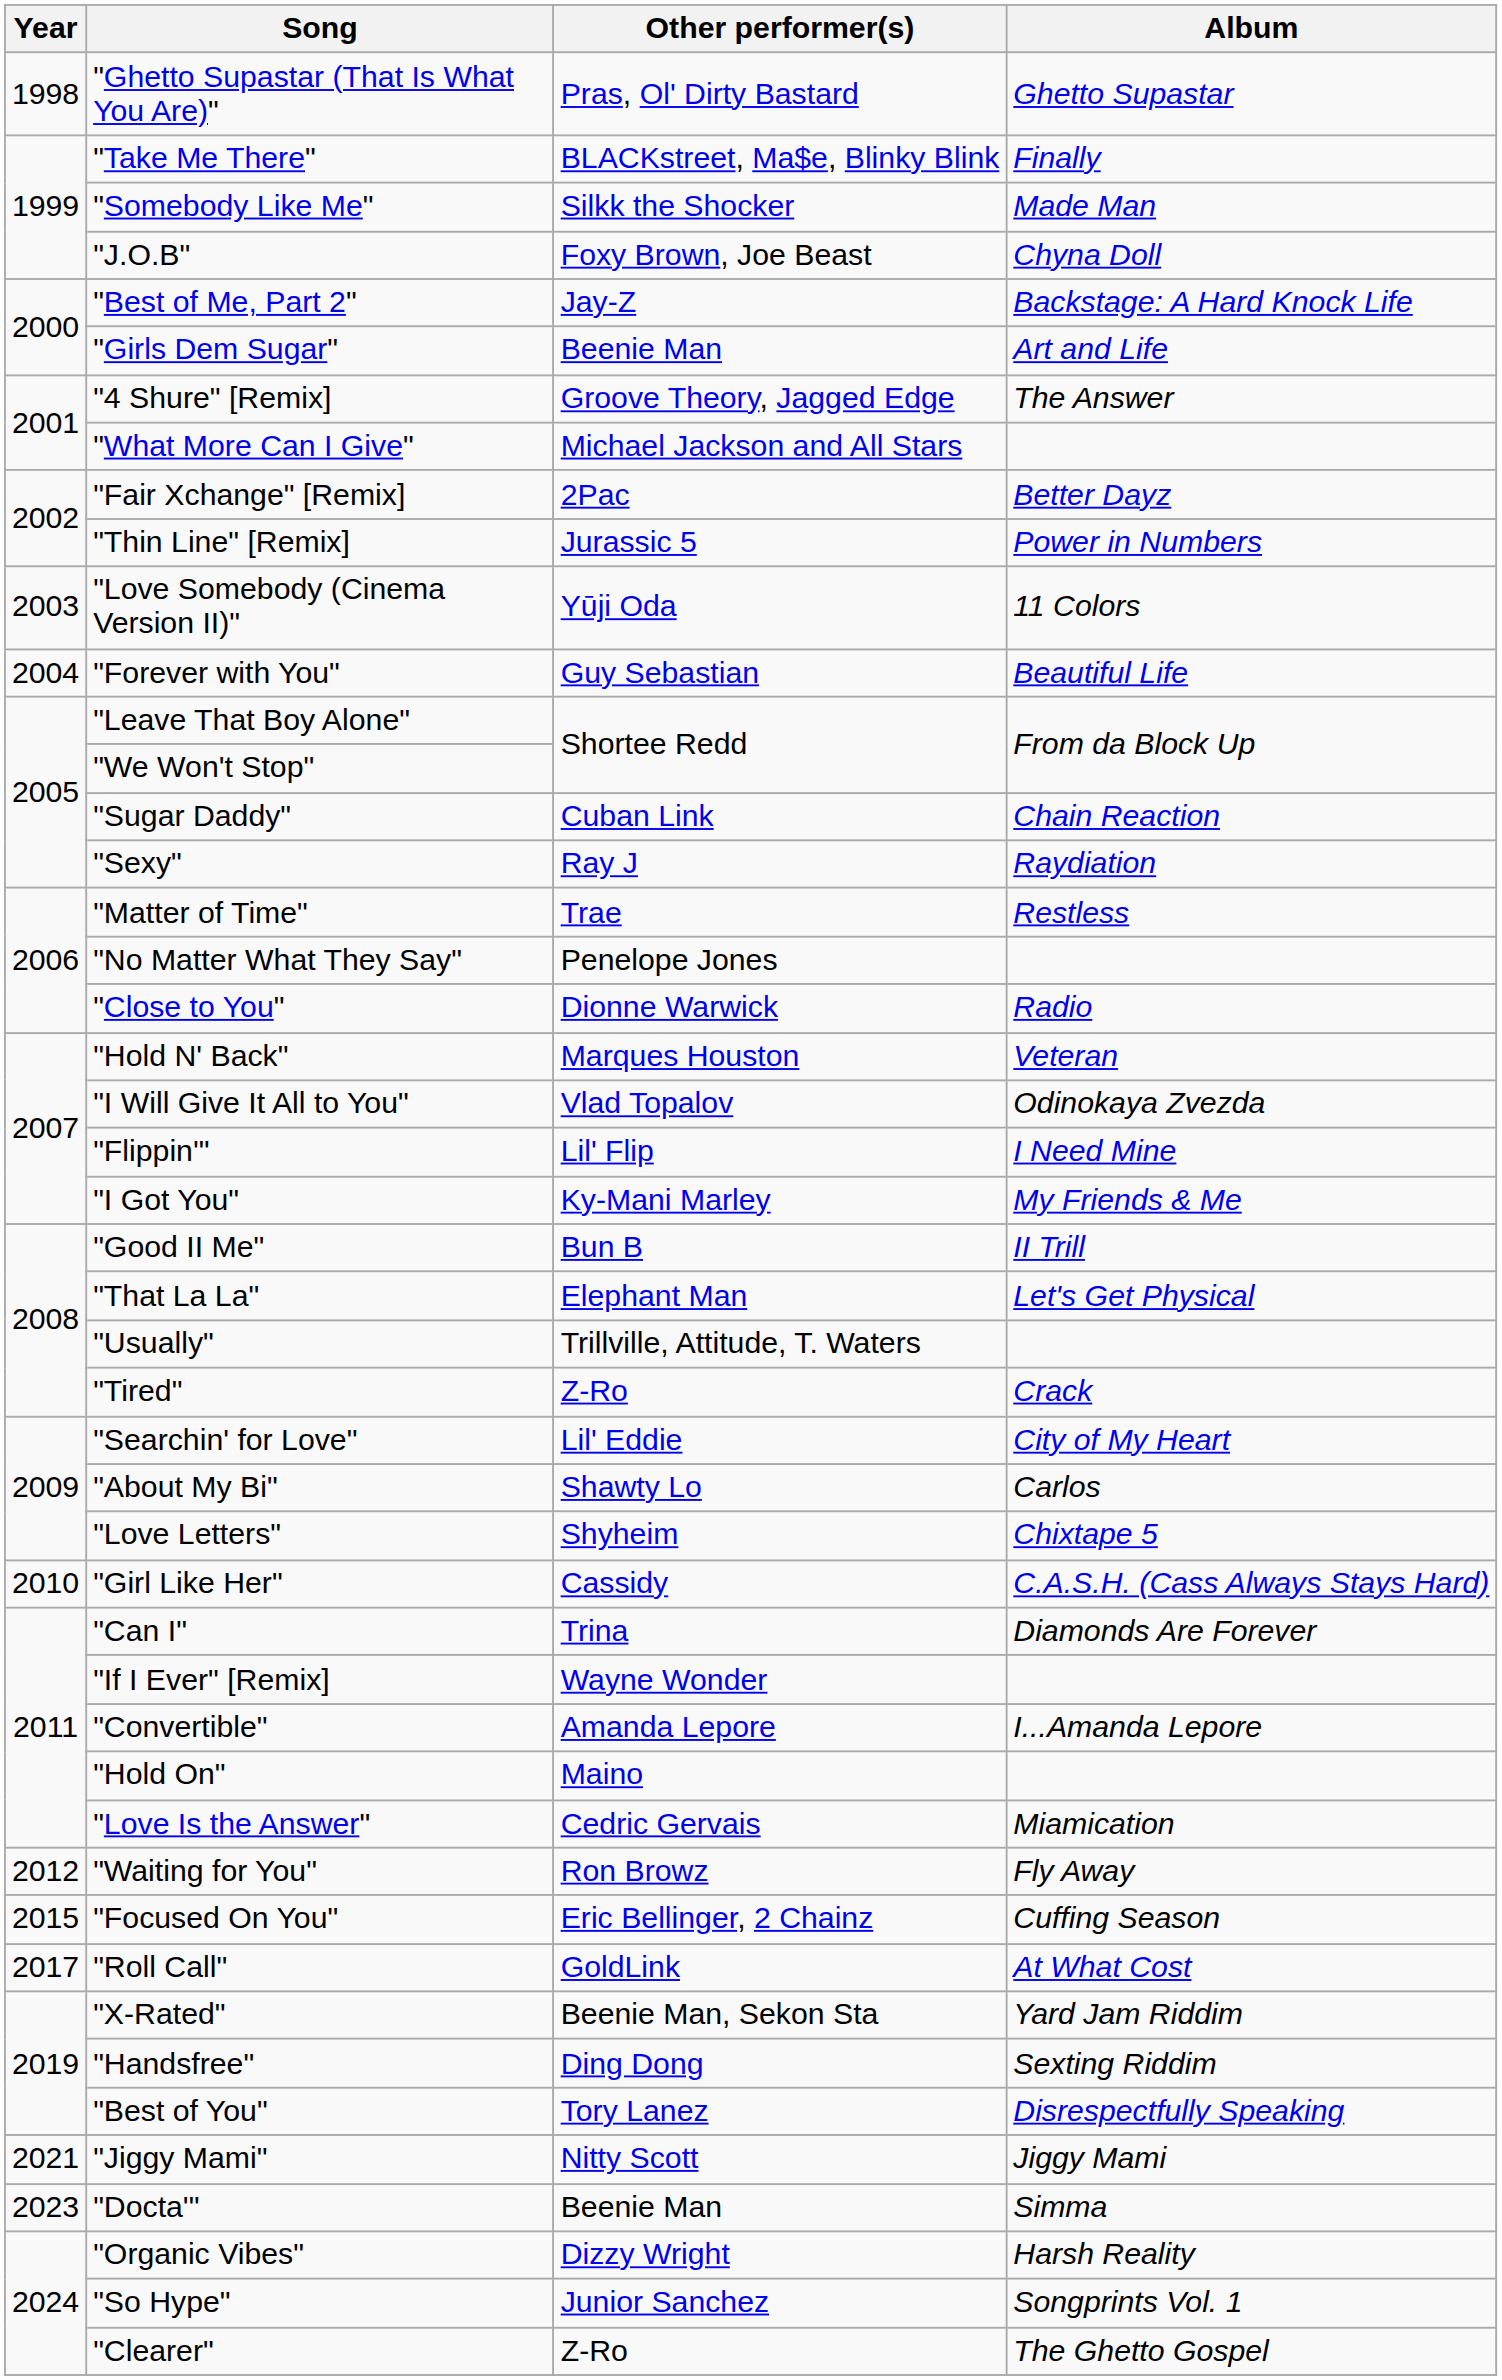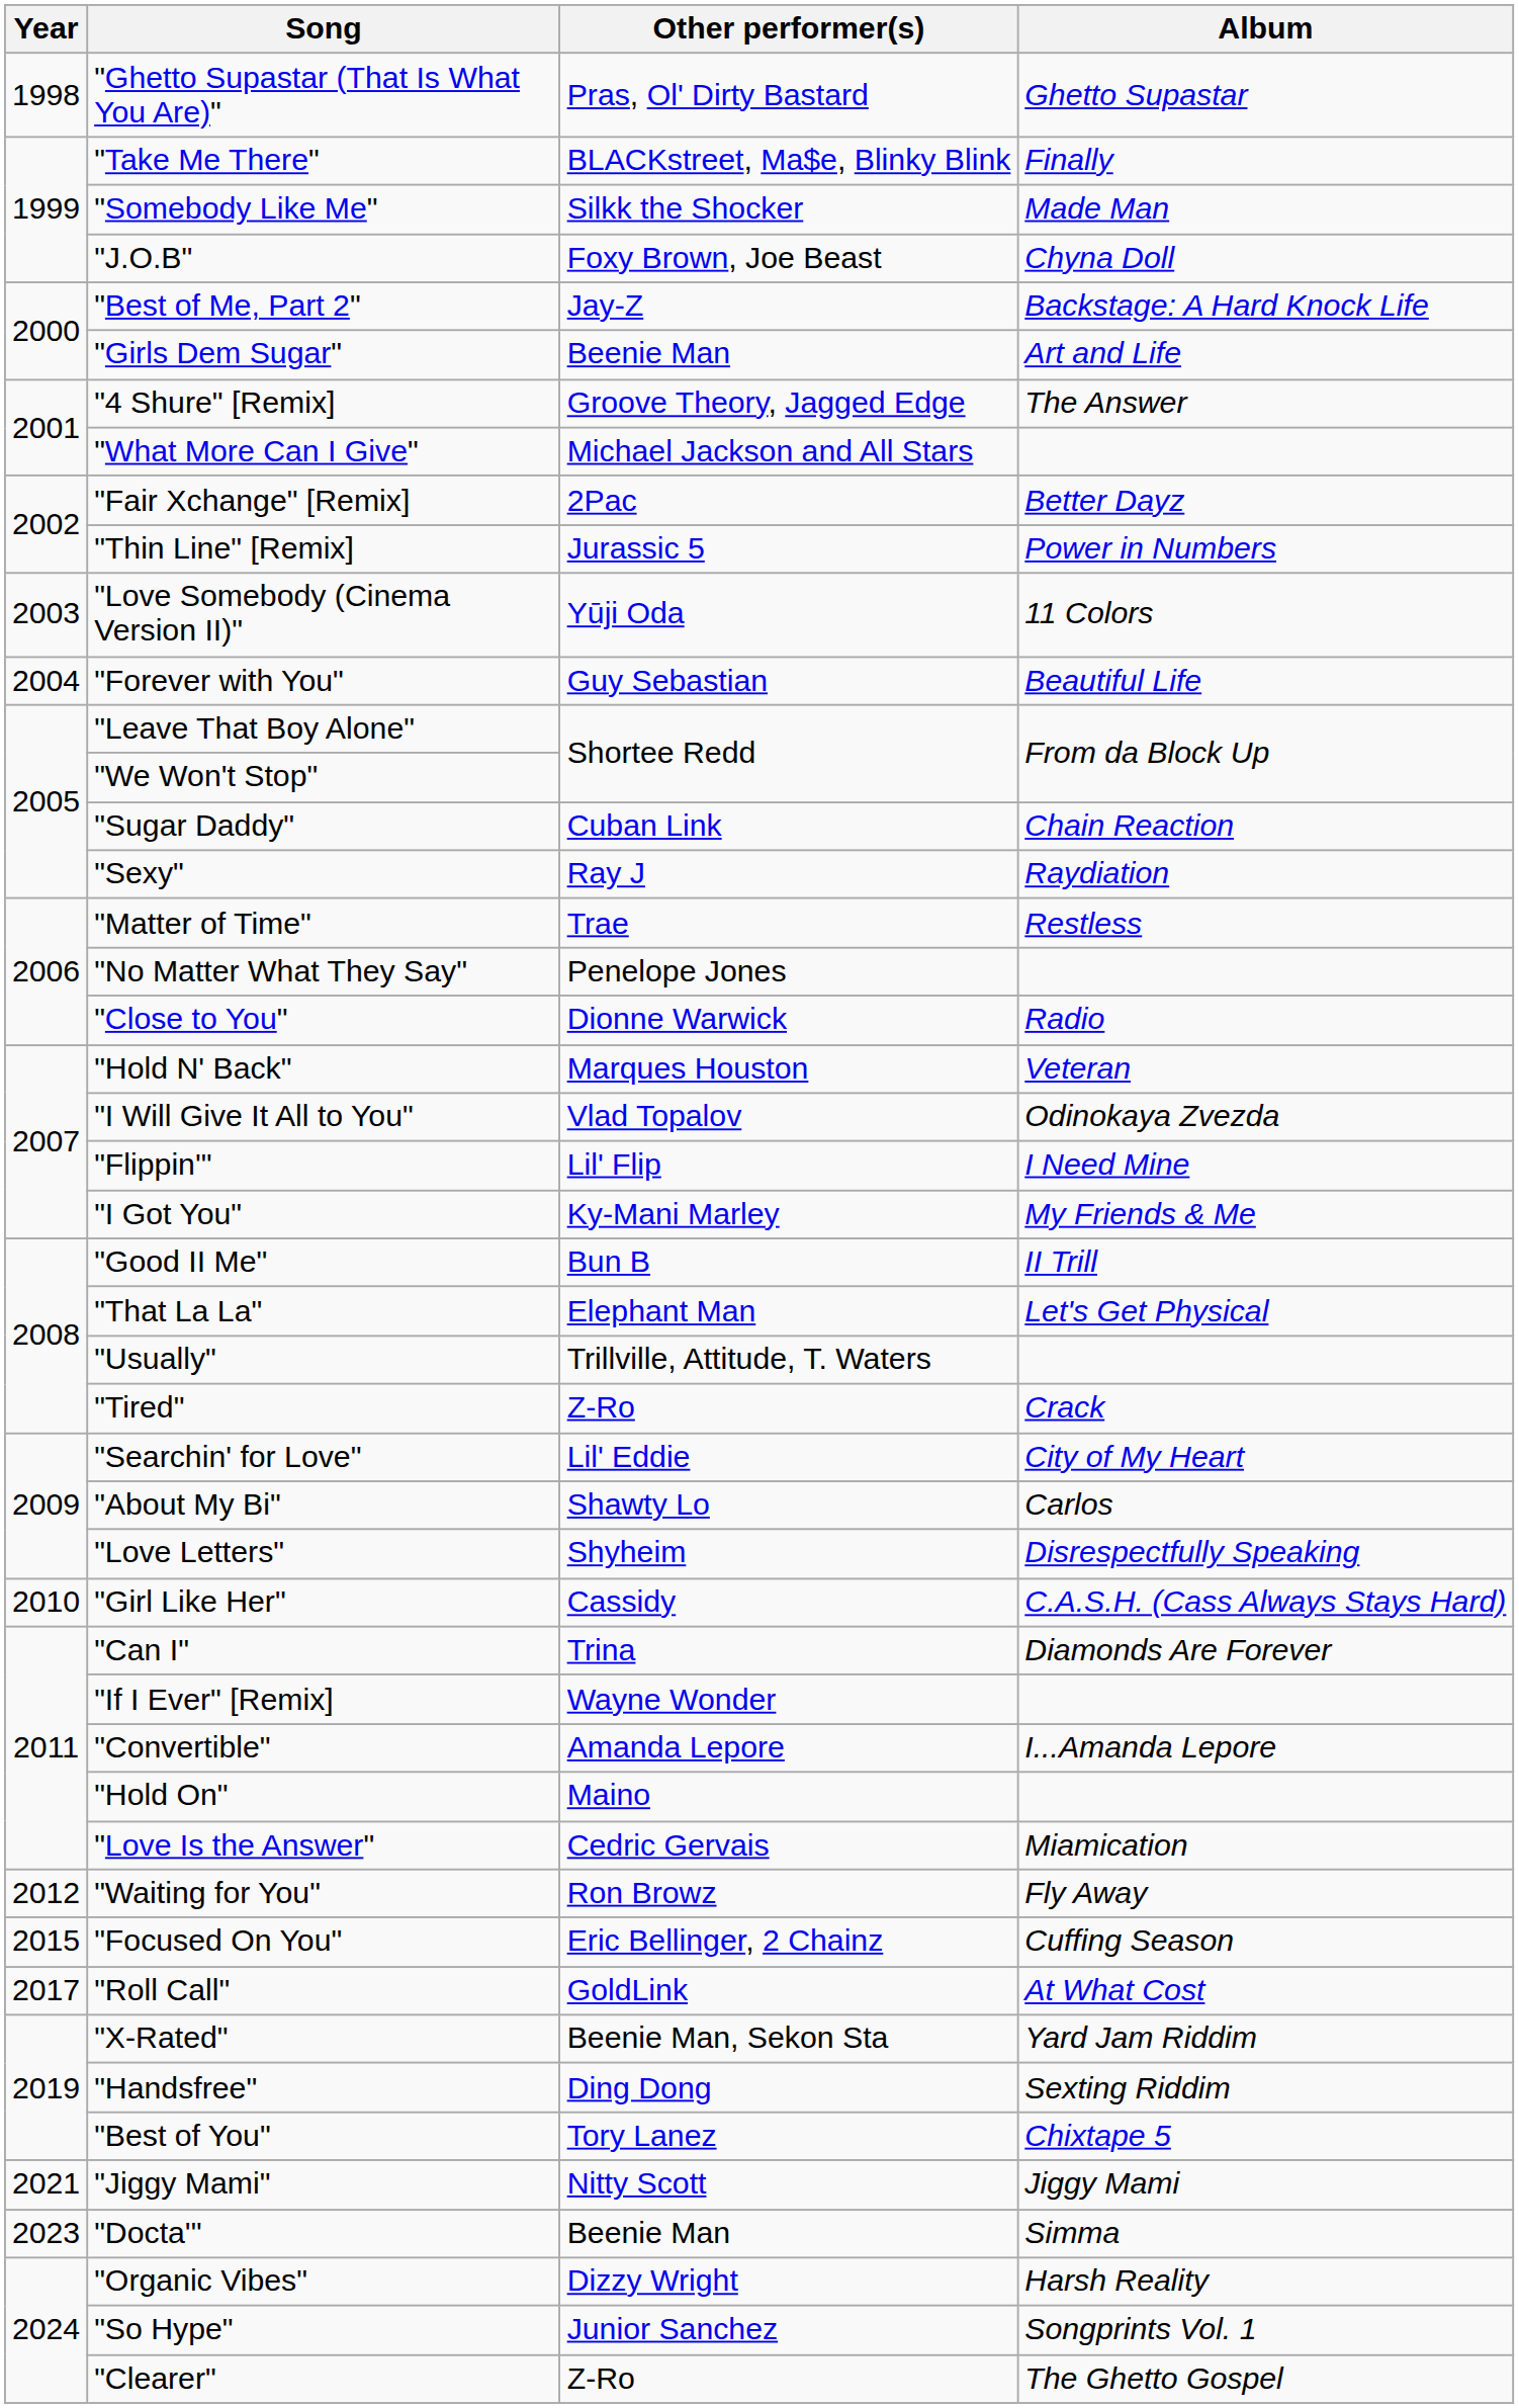 <table class="wikitable sortable">
 <tr>
 <th>Year</th>
 <th width="240">Song</th>
 <th>Other performer(s)</th>
 <th>Album</th>
 </tr>
 <tr>
 <td align="center">1998</td>
 <td>"<a href='#'>Ghetto Supastar (That Is What You Are)</a>"</td>
 <td><a href='#'>Pras</a>, <a href='#'>Ol' Dirty Bastard</a></td>
 <td><em><a href='#'>Ghetto Supastar</a></em></td>
 </tr>
 <tr>
 <td rowspan="3" align="center">1999</td>
 <td>"<a href='#'>Take Me There</a>"</td>
 <td><a href='#'>BLACKstreet</a>, <a href='#'>Ma$e</a>, <a href='#'>Blinky Blink</a></td>
 <td><em><a href='#'>Finally</a></em></td>
 </tr>
 <tr>
 <td>"<a href='#'>Somebody Like Me</a>"</td>
 <td><a href='#'>Silkk the Shocker</a></td>
 <td><em><a href='#'>Made Man</a></em></td>
 </tr>
 <tr>
 <td>"J.O.B"</td>
 <td><a href='#'>Foxy Brown</a>, Joe Beast</td>
 <td><em><a href='#'>Chyna Doll</a></em></td>
 </tr>
 <tr>
 <td rowspan="2" align="center">2000</td>
 <td>"<a href='#'>Best of Me, Part 2</a>"</td>
 <td><a href='#'>Jay-Z</a></td>
 <td><em><a href='#'>Backstage: A Hard Knock Life</a></em></td>
 </tr>
 <tr>
 <td>"<a href='#'>Girls Dem Sugar</a>"</td>
 <td><a href='#'>Beenie Man</a></td>
 <td><em><a href='#'>Art and Life</a></em></td>
 </tr>
 <tr>
 <td rowspan="2" align="center">2001</td>
 <td>"4 Shure" [Remix]</td>
 <td><a href='#'>Groove Theory</a>, <a href='#'>Jagged Edge</a></td>
 <td><em>The Answer</em></td>
 </tr>
 <tr>
 <td>"<a href='#'>What More Can I Give</a>"</td>
 <td><a href='#'>Michael Jackson and All Stars</a></td>
 <td></td>
 </tr>
 <tr>
 <td rowspan="2" align="center">2002</td>
 <td>"Fair Xchange" [Remix]</td>
 <td><a href='#'>2Pac</a></td>
 <td><em><a href='#'>Better Dayz</a></em></td>
 </tr>
 <tr>
 <td>"Thin Line" [Remix]</td>
 <td><a href='#'>Jurassic 5</a></td>
 <td><em><a href='#'>Power in Numbers</a></em></td>
 </tr>
 <tr>
 <td align="center">2003</td>
 <td>"Love Somebody (Cinema Version II)"</td>
 <td><a href='#'>Yūji Oda</a></td>
 <td><em>11 Colors</em></td>
 </tr>
 <tr>
 <td align="center">2004</td>
 <td>"Forever with You"</td>
 <td><a href='#'>Guy Sebastian</a></td>
 <td><em><a href='#'>Beautiful Life</a></em></td>
 </tr>
 <tr>
 <td rowspan="4" align="center">2005</td>
 <td>"Leave That Boy Alone"</td>
 <td rowspan="2">Shortee Redd</td>
 <td rowspan="2"><em>From da Block Up</em></td>
 </tr>
 <tr>
 <td>"We Won't Stop"</td>
 </tr>
 <tr>
 <td>"Sugar Daddy"</td>
 <td><a href='#'>Cuban Link</a></td>
 <td><em><a href='#'>Chain Reaction</a></em></td>
 </tr>
 <tr>
 <td>"Sexy"</td>
 <td><a href='#'>Ray J</a></td>
 <td><em><a href='#'>Raydiation</a></em></td>
 </tr>
 <tr>
 <td rowspan="3" align="center">2006</td>
 <td>"Matter of Time"</td>
 <td><a href='#'>Trae</a></td>
 <td><em><a href='#'>Restless</a></em></td>
 </tr>
 <tr>
 <td>"No Matter What They Say"</td>
 <td>Penelope Jones</td>
 <td></td>
 </tr>
 <tr>
 <td>"<a href='#'>Close to You</a>"</td>
 <td><a href='#'>Dionne Warwick</a></td>
 <td><em><a href='#'>Radio</a></em></td>
 </tr>
 <tr>
 <td rowspan="4" align="center">2007</td>
 <td>"Hold N' Back"</td>
 <td><a href='#'>Marques Houston</a></td>
 <td><em><a href='#'>Veteran</a></em></td>
 </tr>
 <tr>
 <td>"I Will Give It All to You"</td>
 <td><a href='#'>Vlad Topalov</a></td>
 <td><em>Odinokaya Zvezda</em></td>
 </tr>
 <tr>
 <td>"Flippin'"</td>
 <td><a href='#'>Lil' Flip</a></td>
 <td><em><a href='#'>I Need Mine</a></em></td>
 </tr>
 <tr>
 <td>"I Got You"</td>
 <td><a href='#'>Ky-Mani Marley</a></td>
 <td><em><a href='#'>My Friends & Me</a></em></td>
 </tr>
 <tr>
 <td rowspan="4" align="center">2008</td>
 <td>"Good II Me"</td>
 <td><a href='#'>Bun B</a></td>
 <td><em><a href='#'>II Trill</a></em></td>
 </tr>
 <tr>
 <td>"That La La"</td>
 <td><a href='#'>Elephant Man</a></td>
 <td><em><a href='#'>Let's Get Physical</a></em></td>
 </tr>
 <tr>
 <td>"Usually"</td>
 <td>Trillville, Attitude, T. Waters</td>
 <td></td>
 </tr>
 <tr>
 <td>"Tired"</td>
 <td><a href='#'>Z-Ro</a></td>
 <td><em><a href='#'>Crack</a></em></td>
 </tr>
 <tr>
 <td rowspan="3" align="center">2009</td>
 <td>"Searchin' for Love"</td>
 <td><a href='#'>Lil' Eddie</a></td>
 <td><em><a href='#'>City of My Heart</a></em></td>
 </tr>
 <tr>
 <td>"About My Bi"</td>
 <td><a href='#'>Shawty Lo</a></td>
 <td><em>Carlos</em></td>
 </tr>
 <tr>
 <td>"Love Letters"</td>
 <td><a href='#'>Shyheim</a></td>
-<td><em><a href='#'>Chixtape 5</a></em></td>
+<td><em><a href='#'>Disrespectfully Speaking</a></em></td>
 </tr>
 <tr>
 <td align="center">2010</td>
 <td>"Girl Like Her"</td>
 <td><a href='#'>Cassidy</a></td>
 <td><em><a href='#'>C.A.S.H. (Cass Always Stays Hard)</a></em></td>
 </tr>
 <tr>
 <td rowspan="5" align="center">2011</td>
 <td>"Can I"</td>
 <td><a href='#'>Trina</a></td>
 <td><em>Diamonds Are Forever</em></td>
 </tr>
 <tr>
 <td>"If I Ever" [Remix]</td>
 <td><a href='#'>Wayne Wonder</a></td>
 <td></td>
 </tr>
 <tr>
 <td>"Convertible"</td>
 <td><a href='#'>Amanda Lepore</a></td>
 <td><em>I...Amanda Lepore</em></td>
 </tr>
 <tr>
 <td>"Hold On"</td>
 <td><a href='#'>Maino</a></td>
 <td></td>
 </tr>
 <tr>
 <td>"<a href='#'>Love Is the Answer</a>"</td>
 <td><a href='#'>Cedric Gervais</a></td>
 <td><em>Miamication</em></td>
 </tr>
 <tr>
 <td align="center">2012</td>
 <td>"Waiting for You"</td>
 <td><a href='#'>Ron Browz</a></td>
 <td><em>Fly Away</em></td>
 </tr>
 <tr>
 <td align="center">2015</td>
 <td>"Focused On You"</td>
 <td><a href='#'>Eric Bellinger</a>, <a href='#'>2 Chainz</a></td>
 <td><em>Cuffing Season</em></td>
 </tr>
 <tr>
 <td align="center">2017</td>
 <td>"Roll Call"</td>
 <td><a href='#'>GoldLink</a></td>
 <td><em><a href='#'>At What Cost</a></em></td>
 </tr>
 <tr>
 <td rowspan="3" align="center">2019</td>
 <td>"X-Rated"</td>
 <td>Beenie Man, Sekon Sta</td>
 <td><em>Yard Jam Riddim</em></td>
 </tr>
 <tr>
 <td>"Handsfree"</td>
 <td><a href='#'>Ding Dong</a></td>
 <td><em>Sexting Riddim</em></td>
 </tr>
 <tr>
 <td>"Best of You"</td>
 <td><a href='#'>Tory Lanez</a></td>
-<td><em><a href='#'>Disrespectfully Speaking</a></em></td>
+<td><em><a href='#'>Chixtape 5</a></em></td>
 </tr>
 <tr>
 <td align="center">2021</td>
 <td>"Jiggy Mami"</td>
 <td><a href='#'>Nitty Scott</a></td>
 <td><em>Jiggy Mami</em></td>
 </tr>
 <tr>
 <td align="center">2023</td>
 <td>"Docta'"</td>
 <td>Beenie Man</td>
 <td><em>Simma</em></td>
 </tr>
 <tr>
 <td rowspan="3" align="center">2024</td>
 <td>"Organic Vibes"</td>
 <td><a href='#'>Dizzy Wright</a></td>
 <td><em>Harsh Reality</em></td>
 </tr>
 <tr>
 <td>"So Hype"</td>
 <td><a href='#'>Junior Sanchez</a></td>
 <td><em>Songprints Vol. 1</em></td>
 </tr>
 <tr>
 <td>"Clearer"</td>
 <td>Z-Ro</td>
 <td><em>The Ghetto Gospel</em></td>
 </tr>
 </table>
